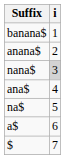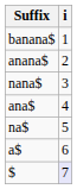 <table class="wikitable">
 <tr>
 <th align="left">Suffix</th>
 <th align="left">i</th>
 </tr>
 <tr class="odd">
 <td align="left">banana$</td>
 <td align="left">1</td>
 </tr>
 <tr class="even">
 <td align="left">anana$</td>
 <td align="left">2</td>
 </tr>
 <tr class="odd">
 <td align="left">nana$</td>
-<td align="left" style="background: lightgrey;">3</td>
+<td align="left">3</td>
 </tr>
 <tr class="even">
 <td align="left">ana$</td>
 <td align="left">4</td>
 </tr>
 <tr class="odd">
 <td align="left">na$</td>
 <td align="left">5</td>
 </tr>
 <tr class="even">
 <td align="left">a$</td>
 <td align="left">6</td>
 </tr>
 <tr class="odd">
 <td align="left">$</td>
-<td align="left">7</td>
+<td align="left" style="background: lavender;">7</td>
 </tr>
 </table>
